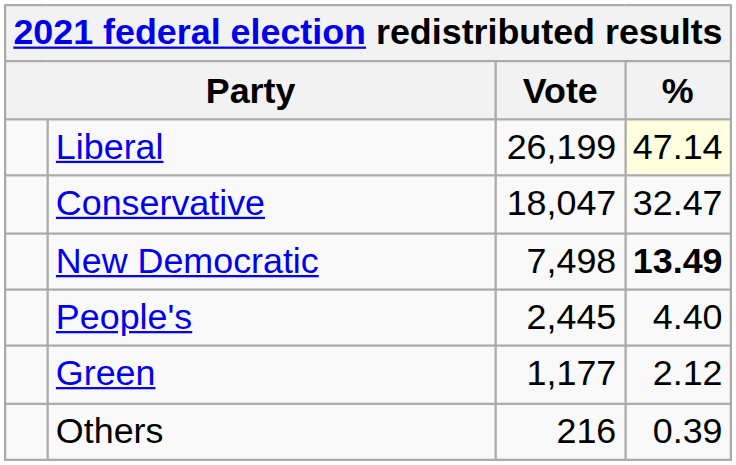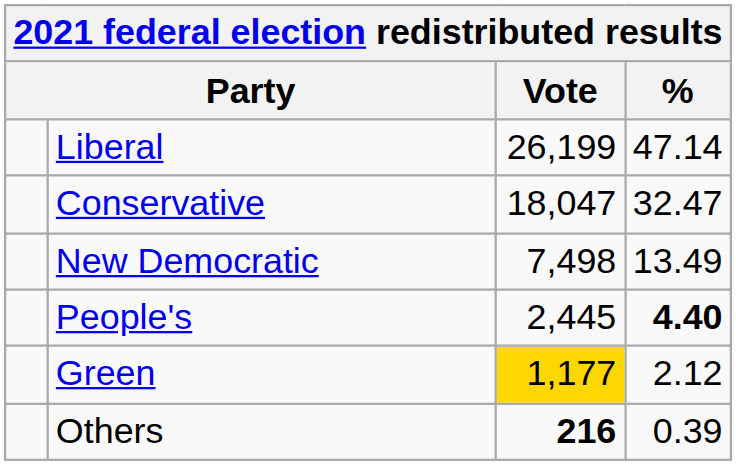 <table class="wikitable">
 <tr>
 <th colspan="4"><a href='#'>2021 federal election</a> redistributed results</th>
 </tr>
 <tr>
 <th bgcolor="#DDDDFF" width="130px" colspan="2">Party</th>
 <th bgcolor="#DDDDFF" width="50px">Vote</th>
 <th bgcolor="#DDDDFF" width="30px">%</th>
 </tr>
 <tr>
 <td> </td>
 <td><a href='#'>Liberal</a></td>
 <td align=right>26,199</td>
-<td align=right style="background: lightyellow;">47.14</td>
+<td align=right>47.14</td>
 </tr>
 <tr>
 <td> </td>
 <td><a href='#'>Conservative</a></td>
 <td align=right>18,047</td>
 <td align=right>32.47</td>
 </tr>
 <tr>
 <td> </td>
 <td><a href='#'>New Democratic</a></td>
 <td align=right>7,498</td>
-<td align=right><strong>13.49</strong></td>
+<td align=right>13.49</td>
 </tr>
 <tr>
 <td> </td>
 <td><a href='#'>People's</a></td>
 <td align=right>2,445</td>
-<td align=right>4.40</td>
+<td align=right><strong>4.40</strong></td>
 </tr>
 <tr>
 <td> </td>
 <td><a href='#'>Green</a></td>
-<td align=right>1,177</td>
+<td align=right style="background: gold;">1,177</td>
 <td align=right>2.12</td>
 </tr>
 <tr>
 <td> </td>
 <td>Others</td>
-<td align=right>216</td>
+<td align=right><strong>216</strong></td>
 <td align=right>0.39</td>
 </tr>
 </table>
